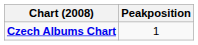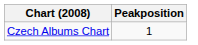 <table class="wikitable">
 <tr>
 <th>Chart (2008)</th>
 <th>Peakposition</th>
 </tr>
 <tr>
-<td><strong><a href='#'>Czech Albums Chart</a></strong></td>
+<td><a href='#'>Czech Albums Chart</a></td>
 <td rowspan="2" style="text-align:center;">1</td>
 </tr>
 </table>
